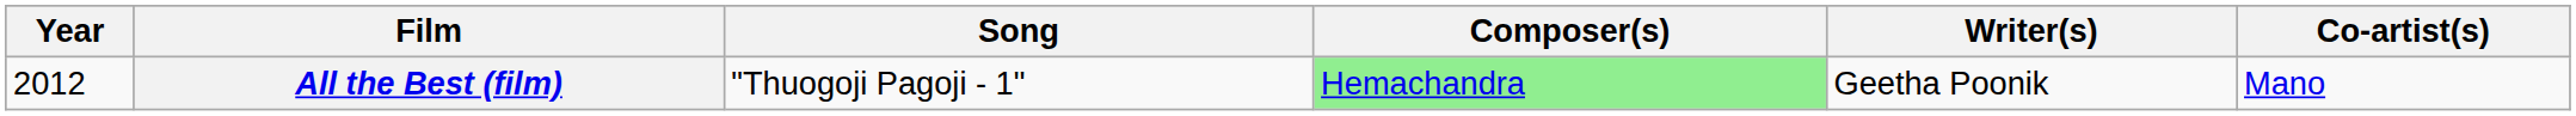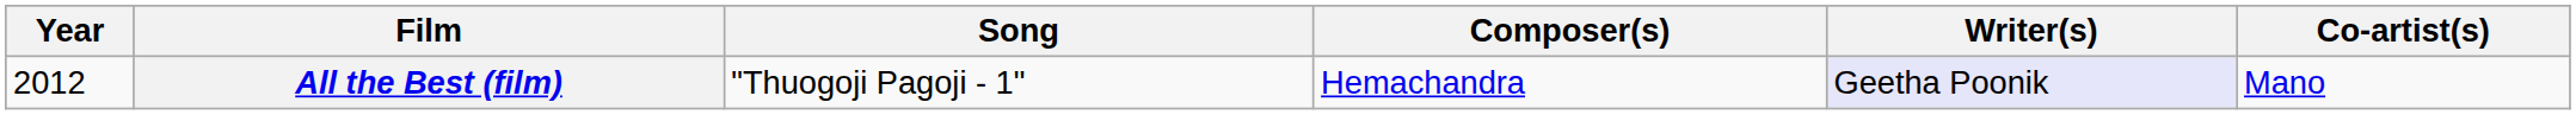 <table class="wikitable plainrowheaders" width="100%" textcolor:#000;">
 <tr style="background:#b0e0e66;">
 <th scope="col" width=5%><strong>Year</strong></th>
 <th scope="col" width=23%><strong>Film</strong></th>
 <th scope="col" width=23%><strong>Song</strong></th>
 <th scope="col" width=20%><strong>Composer(s)</strong></th>
 <th scope="col" width=16%><strong>Writer(s)</strong></th>
 <th scope="col" width=18%><strong>Co-artist(s)</strong></th>
 </tr>
 <tr>
 <td>2012</td>
 <th><em><a href='#'>All the Best (film)</a></em></th>
 <td>"Thuogoji Pagoji - 1"</td>
-<td style="background: lightgreen;"><a href='#'>Hemachandra</a></td>
-<td>Geetha Poonik</td>
+<td><a href='#'>Hemachandra</a></td>
+<td style="background: lavender;">Geetha Poonik</td>
 <td><a href='#'>Mano</a></td>
 </tr>
 </table>
